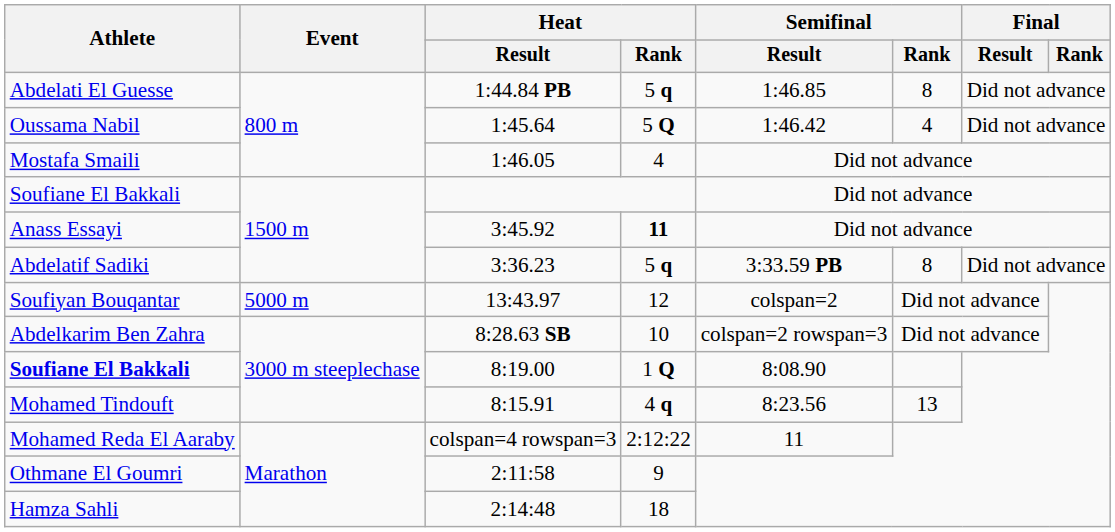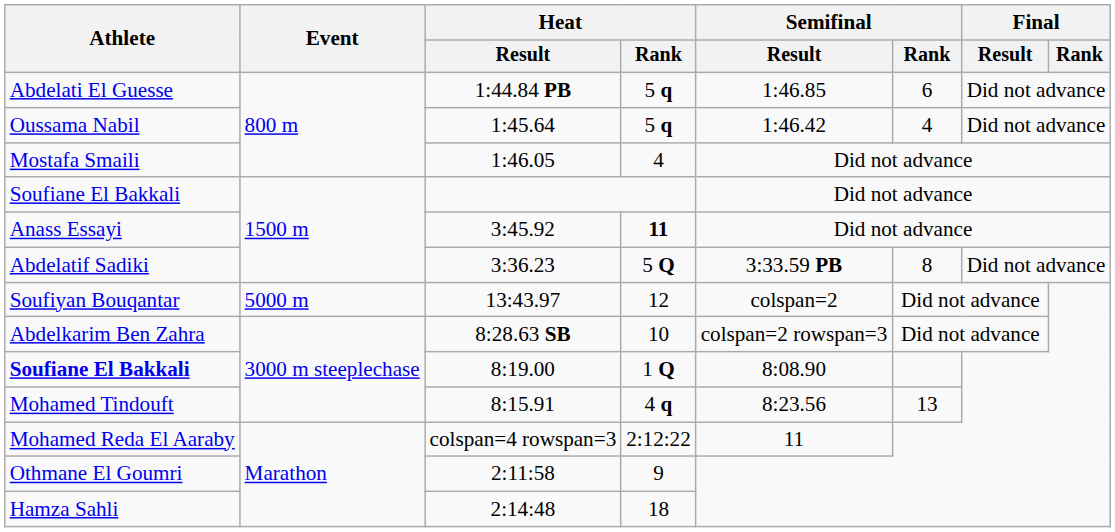 <table class="wikitable" style="font-size:90%">
 <tr>
 <th rowspan="2">Athlete</th>
 <th rowspan="2">Event</th>
 <th colspan="2">Heat</th>
 <th colspan="2">Semifinal</th>
 <th colspan="2">Final</th>
 </tr>
 <tr style="font-size:95%">
 <th>Result</th>
 <th>Rank</th>
 <th>Result</th>
 <th>Rank</th>
 <th>Result</th>
 <th>Rank</th>
 </tr>
 <tr align=center>
 <td align=left><a href='#'>Abdelati El Guesse</a></td>
 <td align=left rowspan=3><a href='#'>800 m</a></td>
 <td>1:44.84 <strong>PB</strong></td>
 <td>5 <strong>q</strong></td>
 <td>1:46.85</td>
-<td>8</td>
+<td>6</td>
 <td colspan="2">Did not advance</td>
 </tr>
 <tr align=center>
 <td align=left><a href='#'>Oussama Nabil</a></td>
 <td>1:45.64</td>
-<td>5 <strong>Q</strong></td>
+<td>5 <strong>q</strong></td>
 <td>1:46.42</td>
 <td>4</td>
 <td colspan="2">Did not advance</td>
 </tr>
 <tr align=center>
 <td align=left><a href='#'>Mostafa Smaili</a></td>
 <td>1:46.05</td>
 <td>4</td>
 <td colspan="4">Did not advance</td>
 </tr>
 <tr align=center>
 <td align=left><a href='#'>Soufiane El Bakkali</a></td>
 <td align=left rowspan=3><a href='#'>1500 m</a></td>
 <td colspan=2></td>
 <td colspan=4>Did not advance</td>
 </tr>
 <tr align=center>
 <td align=left><a href='#'>Anass Essayi</a></td>
 <td>3:45.92</td>
 <td><strong>11</strong></td>
 <td colspan=4>Did not advance</td>
 </tr>
 <tr align=center>
 <td align=left><a href='#'>Abdelatif Sadiki</a></td>
 <td>3:36.23</td>
-<td>5 <strong>q</strong></td>
+<td>5 <strong>Q</strong></td>
 <td>3:33.59 <strong>PB</strong></td>
 <td>8</td>
 <td colspan=2>Did not advance</td>
 </tr>
 <tr align=center>
 <td align=left><a href='#'>Soufiyan Bouqantar</a></td>
 <td align=left><a href='#'>5000 m</a></td>
 <td>13:43.97</td>
 <td>12</td>
 <td>colspan=2 </td>
 <td colspan=2>Did not advance</td>
 </tr>
 <tr align="center">
 <td align="left"><a href='#'>Abdelkarim Ben Zahra</a></td>
 <td rowspan="3" align="left"><a href='#'>3000 m steeplechase</a></td>
 <td>8:28.63 <strong>SB</strong></td>
 <td>10</td>
 <td>colspan=2 rowspan=3 </td>
 <td colspan="2">Did not advance</td>
 </tr>
 <tr align="center">
 <td align="left"><strong><a href='#'>Soufiane El Bakkali</a></strong></td>
 <td>8:19.00</td>
 <td>1 <strong>Q</strong></td>
 <td>8:08.90</td>
 <td></td>
 </tr>
 <tr align="center">
 <td align="left"><a href='#'>Mohamed Tindouft</a></td>
 <td>8:15.91</td>
 <td>4 <strong>q</strong></td>
 <td>8:23.56</td>
 <td>13</td>
 </tr>
 <tr align=center>
 <td align=left><a href='#'>Mohamed Reda El Aaraby</a></td>
 <td align=left rowspan=3><a href='#'>Marathon</a></td>
 <td>colspan=4 rowspan=3 </td>
 <td>2:12:22</td>
 <td>11</td>
 </tr>
 <tr align=center>
 <td align=left><a href='#'>Othmane El Goumri</a></td>
 <td>2:11:58</td>
 <td>9</td>
 </tr>
 <tr align=center>
 <td align=left><a href='#'>Hamza Sahli</a></td>
 <td>2:14:48</td>
 <td>18</td>
 </tr>
 </table>
